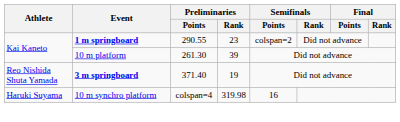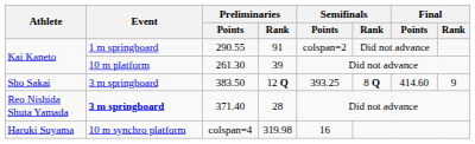 <table class="wikitable" style="text-align:center; font-size:90%; width:50%;">
 <tr>
 <th rowspan=2>Athlete</th>
 <th rowspan=2>Event</th>
 <th colspan=2>Preliminaries</th>
 <th colspan=2>Semifinals</th>
 <th colspan=2>Final</th>
 </tr>
 <tr style="font-size:95%">
 <th>Points</th>
 <th>Rank</th>
 <th>Points</th>
 <th>Rank</th>
 <th>Points</th>
 <th>Rank</th>
 </tr>
 <tr>
 <td align=left rowspan=2><a href='#'>Kai Kaneto</a></td>
-<td align=left><strong><a href='#'>1 m springboard</a></strong></td>
+<td align=left><a href='#'>1 m springboard</a></td>
 <td>290.55</td>
-<td>23</td>
+<td>91</td>
 <td>colspan=2 </td>
 <td colspan=2>Did not advance</td>
 </tr>
 <tr>
 <td align=left><a href='#'>10 m platform</a></td>
 <td>261.30</td>
 <td>39</td>
 <td colspan=4>Did not advance</td>
 </tr>
 <tr>
+<td align=left><a href='#'>Sho Sakai</a></td>
+<td align=left><a href='#'>3 m springboard</a></td>
+<td>383.50</td>
+<td>12 <strong>Q</strong></td>
+<td>393.25</td>
+<td>8 <strong>Q</strong></td>
+<td>414.60</td>
+<td>9</td>
+</tr>
+<tr>
 <td align=left><a href='#'>Reo Nishida</a><br><a href='#'>Shuta Yamada</a></td>
 <td align=left><strong><a href='#'>3 m springboard</a></strong></td>
 <td>371.40</td>
-<td>19</td>
+<td>28</td>
 <td colspan=4>Did not advance</td>
 </tr>
 <tr>
 <td align=left><a href='#'>Haruki Suyama</a></td>
 <td align=left><a href='#'>10 m synchro platform</a></td>
 <td>colspan=4 </td>
 <td>319.98</td>
 <td>16</td>
 </tr>
 </table>
